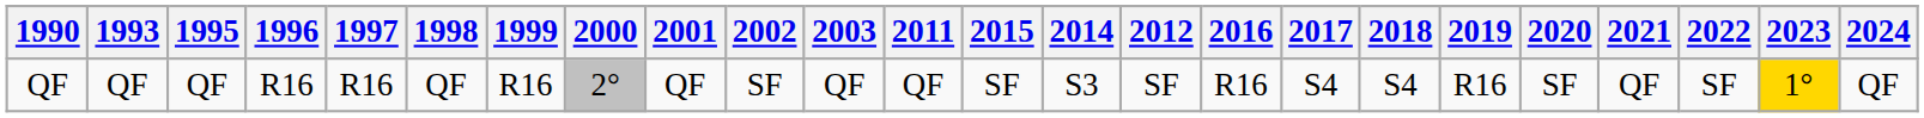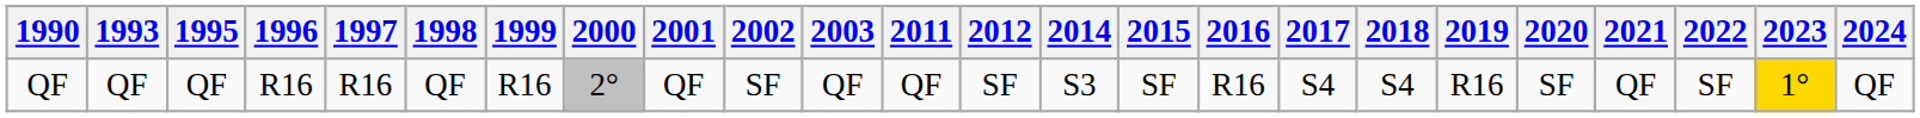 <table class="wikitable" style="margin:0.5em ; font-size:80%">
 <tr>
 <th><a href='#'>1990</a></th>
 <th><a href='#'>1993</a></th>
 <th><a href='#'>1995</a></th>
 <th><a href='#'>1996</a></th>
 <th><a href='#'>1997</a></th>
 <th><a href='#'>1998</a></th>
 <th><a href='#'>1999</a></th>
 <th><a href='#'>2000</a></th>
 <th><a href='#'>2001</a></th>
 <th><a href='#'>2002</a></th>
 <th><a href='#'>2003</a></th>
 <th><a href='#'>2011</a></th>
+<th><a href='#'>2012</a></th>
+<th><a href='#'>2014</a></th>
 <th><a href='#'>2015</a></th>
-<th><a href='#'>2014</a></th>
-<th><a href='#'>2012</a></th>
 <th><a href='#'>2016</a></th>
 <th><a href='#'>2017</a></th>
 <th><a href='#'>2018</a></th>
 <th><a href='#'>2019</a></th>
 <th><a href='#'>2020</a></th>
 <th><a href='#'>2021</a></th>
 <th><a href='#'>2022</a></th>
 <th><a href='#'>2023</a></th>
 <th><a href='#'>2024</a></th>
 </tr>
 <tr>
 <td align=center>QF</td>
 <td align=center>QF</td>
 <td align=center>QF</td>
 <td align=center>R16</td>
 <td align=center>R16</td>
 <td align=center>QF</td>
 <td align=center>R16</td>
 <td align=center style="background:silver;">2°</td>
 <td align=center>QF</td>
 <td align=center>SF</td>
 <td align=center>QF</td>
 <td align=center>QF</td>
 <td align=center>SF</td>
 <td align=center>S3</td>
 <td align=center>SF</td>
 <td align=center>R16</td>
 <td align=center>S4</td>
 <td align=center>S4</td>
 <td align=center>R16</td>
 <td align=center>SF</td>
 <td align=center>QF</td>
 <td align=center>SF</td>
 <td align=center style="background:gold;">1°</td>
 <td align=center>QF</td>
 </tr>
 </table>
